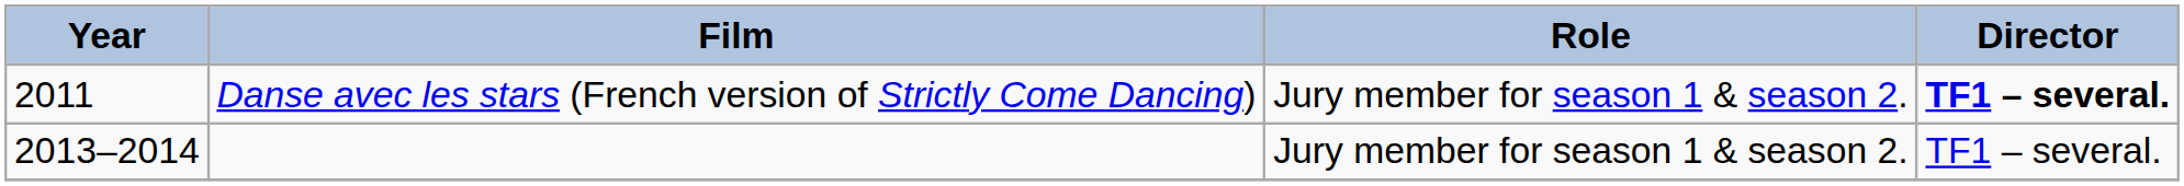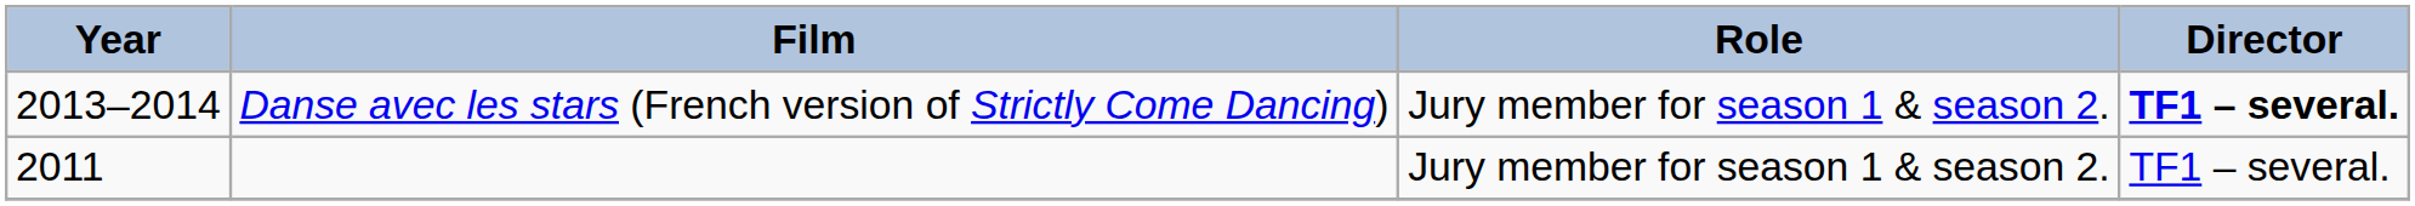 <table class="wikitable sortable" style="font-size: 90%; background: #f9f9f9">
 <tr align="center">
 <th style="background:#B0C4DE;">Year</th>
 <th style="background:#B0C4DE;">Film</th>
 <th style="background:#B0C4DE;">Role</th>
 <th style="background:#B0C4DE;">Director</th>
 </tr>
 <tr>
-<td>2011</td>
+<td rowspan="1">2013–2014</td>
 <td><em><a href='#'>Danse avec les stars</a></em> (French version of <em><a href='#'>Strictly Come Dancing</a></em>)</td>
 <td>Jury member for <a href='#'>season 1</a> & <a href='#'>season 2</a>.</td>
 <td><strong><a href='#'>TF1</a> – several.</strong></td>
 </tr>
 <tr>
-<td rowspan="1">2013–2014</td>
+<td>2011</td>
 <td><em></em></td>
 <td>Jury member for season 1 & season 2.</td>
 <td><a href='#'>TF1</a> – several.</td>
 </tr>
 <tr>
 </tr>
 </table>
